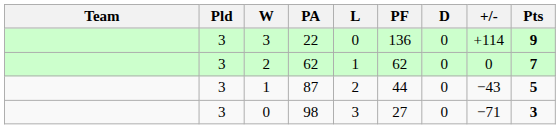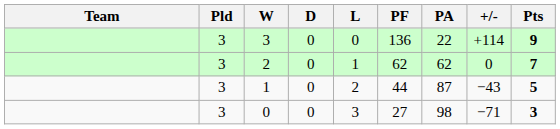 <table class="wikitable" style="text-align: center;">
 <tr>
 <th width="200">Team</th>
 <th width="40">Pld</th>
 <th width="40">W</th>
-<th width="40">PA</th>
+<th width="40">D</th>
 <th width="40">L</th>
 <th width="40">PF</th>
-<th width="40">D</th>
+<th width="40">PA</th>
 <th width="40">+/-</th>
 <th width="40">Pts</th>
 </tr>
 <tr bgcolor=ccffcc>
 <td align=left></td>
 <td>3</td>
 <td>3</td>
-<td>22</td>
+<td>0</td>
 <td>0</td>
 <td>136</td>
-<td>0</td>
+<td>22</td>
 <td>+114</td>
 <td><strong>9</strong></td>
 </tr>
 <tr bgcolor=ccffcc>
 <td align=left></td>
 <td>3</td>
 <td>2</td>
-<td>62</td>
+<td>0</td>
 <td>1</td>
 <td>62</td>
-<td>0</td>
+<td>62</td>
 <td>0</td>
 <td><strong>7</strong></td>
 </tr>
 <tr>
 <td align=left></td>
 <td>3</td>
 <td>1</td>
-<td>87</td>
+<td>0</td>
 <td>2</td>
 <td>44</td>
-<td>0</td>
+<td>87</td>
 <td>−43</td>
 <td><strong>5</strong></td>
 </tr>
 <tr>
 <td align=left></td>
 <td>3</td>
 <td>0</td>
-<td>98</td>
+<td>0</td>
 <td>3</td>
 <td>27</td>
-<td>0</td>
+<td>98</td>
 <td>−71</td>
 <td><strong>3</strong></td>
 </tr>
 </table>
